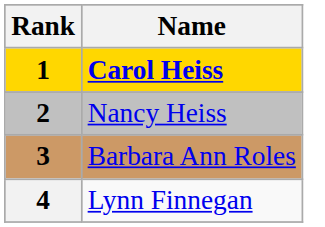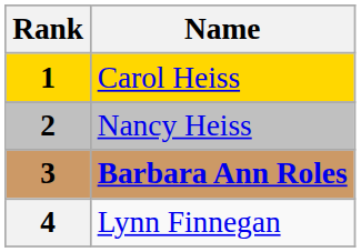 <table class="wikitable">
 <tr>
 <th>Rank</th>
 <th>Name</th>
 </tr>
 <tr bgcolor="gold">
 <td align="center"><strong>1</strong></td>
-<td><strong><a href='#'>Carol Heiss</a></strong></td>
+<td><a href='#'>Carol Heiss</a></td>
 </tr>
 <tr bgcolor="silver">
 <td align="center"><strong>2</strong></td>
 <td><a href='#'>Nancy Heiss</a></td>
 </tr>
 <tr bgcolor="cc9966">
 <td align="center"><strong>3</strong></td>
-<td><a href='#'>Barbara Ann Roles</a></td>
+<td><strong><a href='#'>Barbara Ann Roles</a></strong></td>
 </tr>
 <tr>
 <th>4</th>
 <td><a href='#'>Lynn Finnegan</a></td>
 </tr>
 </table>
